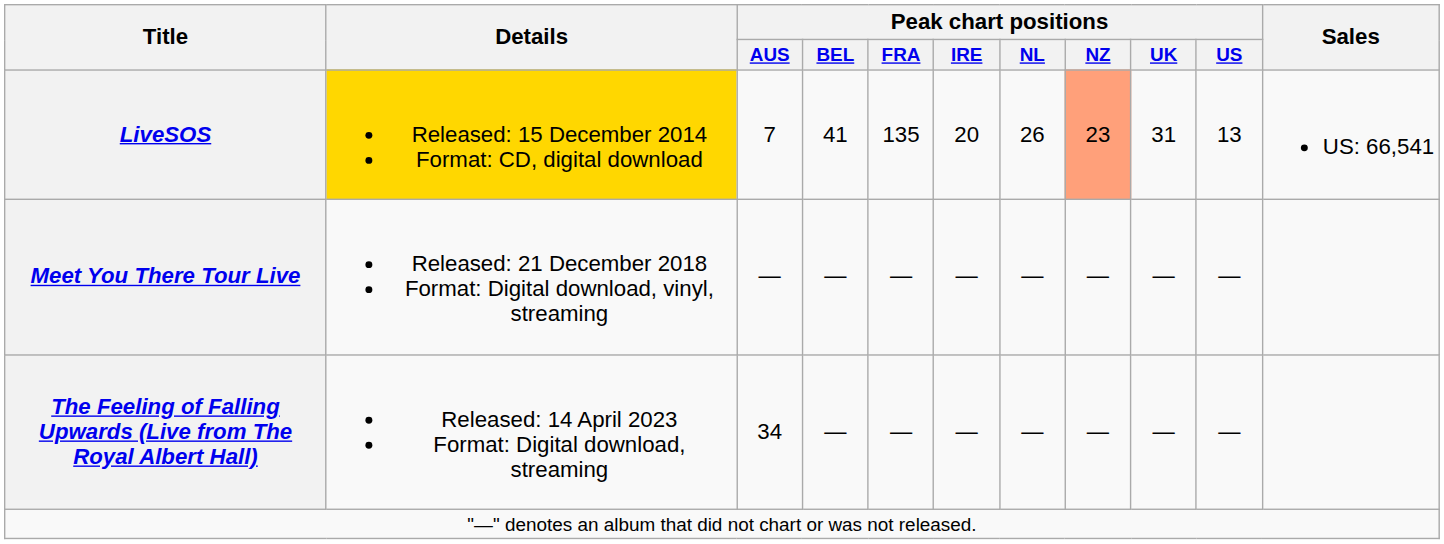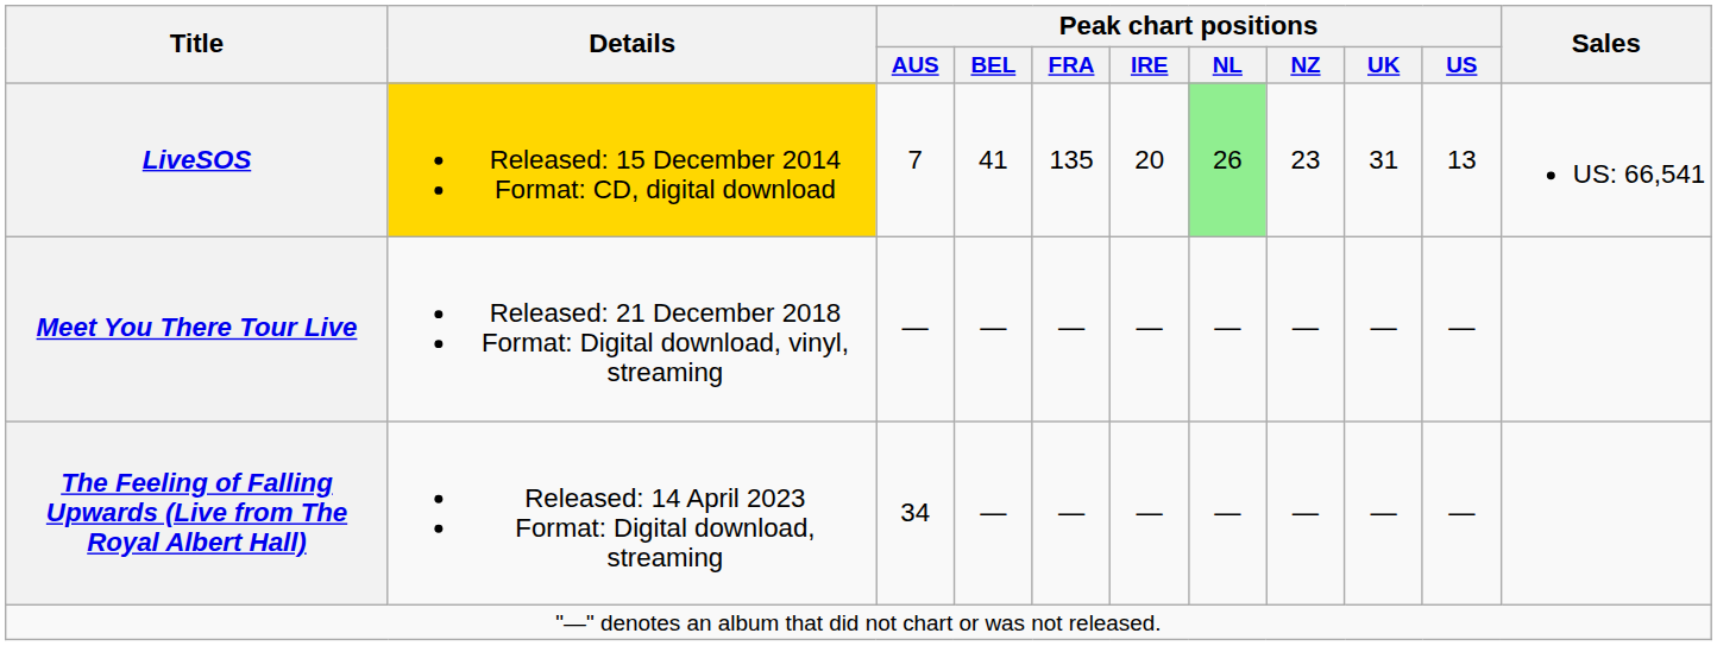 <table class="wikitable plainrowheaders" style="text-align:center;">
 <tr>
 <th scope="col" rowspan="2" style="width:14em;">Title</th>
 <th scope="col" rowspan="2" style="width:18em;">Details</th>
 <th scope="col" colspan="8">Peak chart positions</th>
 <th scope="col" rowspan="2">Sales</th>
 </tr>
 <tr>
 <th scope="col" style="width:3em;font-size:85%;"><a href='#'>AUS</a><br></th>
 <th scope="col" style="width:3em;font-size:85%;"><a href='#'>BEL</a><br></th>
 <th scope="col" style="width:3em;font-size:85%;"><a href='#'>FRA</a><br></th>
 <th scope="col" style="width:3em;font-size:85%;"><a href='#'>IRE</a><br></th>
 <th scope="col" style="width:3em;font-size:85%;"><a href='#'>NL</a><br></th>
 <th scope="col" style="width:3em;font-size:85%;"><a href='#'>NZ</a><br></th>
 <th scope="col" style="width:3em;font-size:85%;"><a href='#'>UK</a><br></th>
 <th scope="col" style="width:3em;font-size:85%;"><a href='#'>US</a><br></th>
 </tr>
 <tr>
 <th scope="row"><em><a href='#'>LiveSOS</a></em></th>
 <td style="background: gold;"><br><ul><li>Released: 15 December 2014</li><li>Format: CD, digital download</li></ul></td>
 <td>7</td>
 <td>41</td>
 <td>135</td>
 <td>20</td>
-<td>26</td>
-<td style="background: lightsalmon;">23</td>
+<td style="background: lightgreen;">26</td>
+<td>23</td>
 <td>31</td>
 <td>13</td>
 <td><br><ul><li>US: 66,541</li></ul></td>
 </tr>
 <tr>
 <th scope="row"><em><a href='#'>Meet You There Tour Live</a></em></th>
 <td><br><ul><li>Released: 21 December 2018</li><li>Format: Digital download, vinyl, streaming</li></ul></td>
 <td>—</td>
 <td>—</td>
 <td>—</td>
 <td>—</td>
 <td>—</td>
 <td>—</td>
 <td>—</td>
 <td>—</td>
 <td></td>
 </tr>
 <tr>
 <th scope="row"><em><a href='#'>The Feeling of Falling Upwards (Live from The Royal Albert Hall)</a></em></th>
 <td><br><ul><li>Released: 14 April 2023</li><li>Format: Digital download, streaming</li></ul></td>
 <td>34<br></td>
 <td>—</td>
 <td>—</td>
 <td>—</td>
 <td>—</td>
 <td>—</td>
 <td>—</td>
 <td>—</td>
 <td></td>
 </tr>
 <tr>
 <td colspan="15" style="font-size:85%">"—" denotes an album that did not chart or was not released.</td>
 </tr>
 </table>
